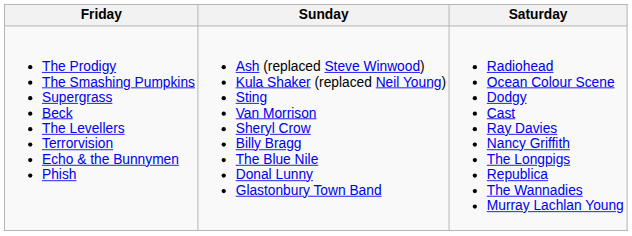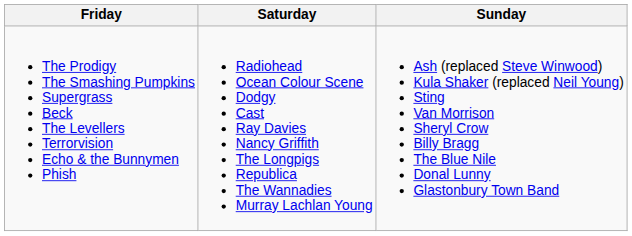 <table class="wikitable">
 <tr>
 <th>Friday</th>
+<th>Saturday</th>
 <th>Sunday</th>
-<th>Saturday</th>
 </tr>
 <tr valign="top">
 <td><br><ul><li><a href='#'>The Prodigy</a></li><li><a href='#'>The Smashing Pumpkins</a></li><li><a href='#'>Supergrass</a></li><li><a href='#'>Beck</a></li><li><a href='#'>The Levellers</a></li><li><a href='#'>Terrorvision</a></li><li><a href='#'>Echo & the Bunnymen</a></li><li><a href='#'>Phish</a></li></ul></td>
+<td><br><ul><li><a href='#'>Radiohead</a></li><li><a href='#'>Ocean Colour Scene</a></li><li><a href='#'>Dodgy</a></li><li><a href='#'>Cast</a></li><li><a href='#'>Ray Davies</a></li><li><a href='#'>Nancy Griffith</a></li><li><a href='#'>The Longpigs</a></li><li><a href='#'>Republica</a></li><li><a href='#'>The Wannadies</a></li><li><a href='#'>Murray Lachlan Young</a></li></ul></td>
 <td><br><ul><li><a href='#'>Ash</a> (replaced <a href='#'>Steve Winwood</a>)</li><li><a href='#'>Kula Shaker</a> (replaced <a href='#'>Neil Young</a>)</li><li><a href='#'>Sting</a></li><li><a href='#'>Van Morrison</a></li><li><a href='#'>Sheryl Crow</a></li><li><a href='#'>Billy Bragg</a></li><li><a href='#'>The Blue Nile</a></li><li><a href='#'>Donal Lunny</a></li><li><a href='#'>Glastonbury Town Band</a></li></ul></td>
-<td><br><ul><li><a href='#'>Radiohead</a></li><li><a href='#'>Ocean Colour Scene</a></li><li><a href='#'>Dodgy</a></li><li><a href='#'>Cast</a></li><li><a href='#'>Ray Davies</a></li><li><a href='#'>Nancy Griffith</a></li><li><a href='#'>The Longpigs</a></li><li><a href='#'>Republica</a></li><li><a href='#'>The Wannadies</a></li><li><a href='#'>Murray Lachlan Young</a></li></ul></td>
 </tr>
 </table>
